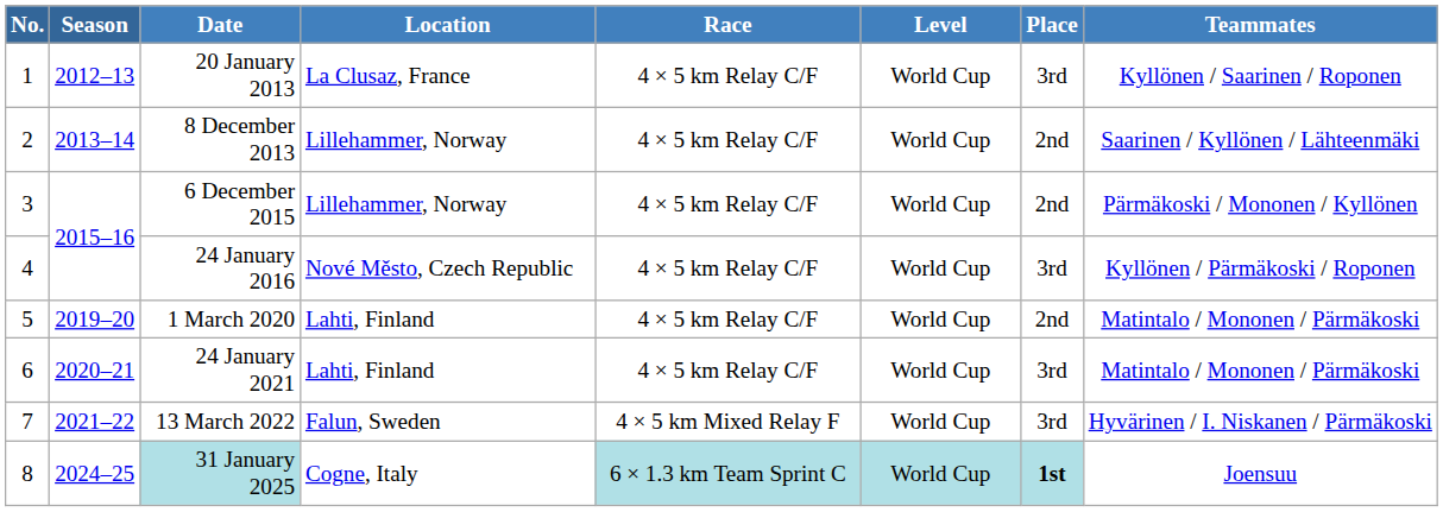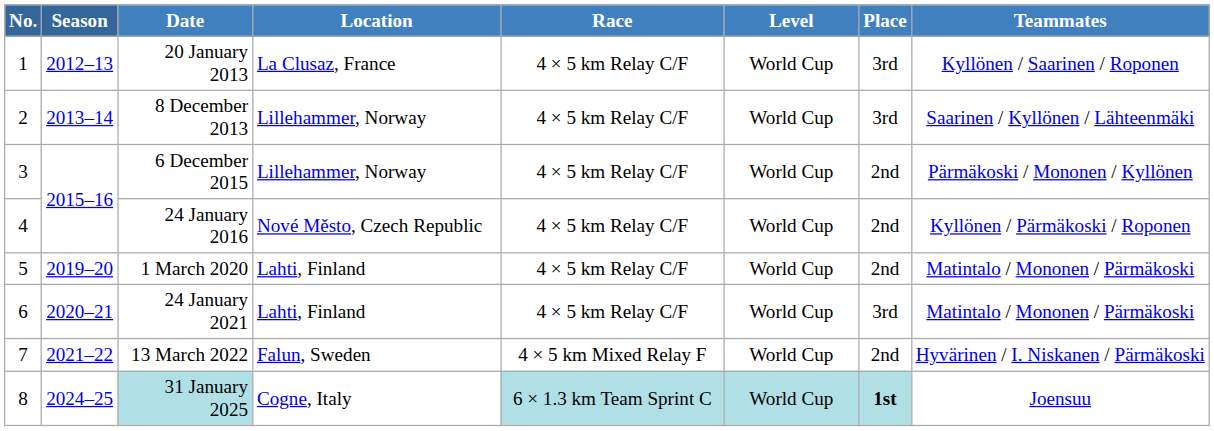 <table class="wikitable sortable" style="font-size:95%; text-align:center; border:grey solid 1px; border-collapse:collapse; background:#ffffff;">
 <tr style="background:#efefef;">
 <th style="background-color:#369; color:white;">No.</th>
 <th style="background-color:#369; color:white;">Season</th>
 <th style="background-color:#4180be; color:white; width:100px;">Date</th>
 <th style="background-color:#4180be; color:white; width:190px;">Location</th>
 <th style="background-color:#4180be; color:white; width:170px;">Race</th>
 <th style="background-color:#4180be; color:white; width:100px;">Level</th>
 <th style="background-color:#4180be; color:white;">Place</th>
 <th style="background-color:#4180be; color:white;">Teammates</th>
 </tr>
 <tr>
 <td align=center>1</td>
 <td rowspan=1 align=center><a href='#'>2012–13</a></td>
 <td align=right>20 January 2013</td>
 <td align=left> <a href='#'>La Clusaz</a>, France</td>
 <td>4 × 5 km Relay C/F</td>
 <td>World Cup</td>
 <td>3rd</td>
 <td><a href='#'>Kyllönen</a> / <a href='#'>Saarinen</a> / <a href='#'>Roponen</a></td>
 </tr>
 <tr>
 <td align=center>2</td>
 <td rowspan=1 align=center><a href='#'>2013–14</a></td>
 <td align=right>8 December 2013</td>
 <td align=left> <a href='#'>Lillehammer</a>, Norway</td>
 <td>4 × 5 km Relay C/F</td>
 <td>World Cup</td>
-<td>2nd</td>
+<td>3rd</td>
 <td><a href='#'>Saarinen</a> / <a href='#'>Kyllönen</a> / <a href='#'>Lähteenmäki</a></td>
 </tr>
 <tr>
 <td align=center>3</td>
 <td rowspan=2 align=center><a href='#'>2015–16</a></td>
 <td align=right>6 December 2015</td>
 <td align=left> <a href='#'>Lillehammer</a>, Norway</td>
 <td>4 × 5 km Relay C/F</td>
 <td>World Cup</td>
 <td>2nd</td>
 <td><a href='#'>Pärmäkoski</a> / <a href='#'>Mononen</a> / <a href='#'>Kyllönen</a></td>
 </tr>
 <tr>
 <td align=center>4</td>
 <td align=right>24 January 2016</td>
 <td align=left> <a href='#'>Nové Město</a>, Czech Republic</td>
 <td>4 × 5 km Relay C/F</td>
 <td>World Cup</td>
-<td>3rd</td>
+<td>2nd</td>
 <td><a href='#'>Kyllönen</a> / <a href='#'>Pärmäkoski</a> / <a href='#'>Roponen</a></td>
 </tr>
 <tr>
 <td align=center>5</td>
 <td rowspan=1 align=center><a href='#'>2019–20</a></td>
 <td align=right>1 March 2020</td>
 <td align=left> <a href='#'>Lahti</a>, Finland</td>
 <td>4 × 5 km Relay C/F</td>
 <td>World Cup</td>
 <td>2nd</td>
 <td><a href='#'>Matintalo</a> / <a href='#'>Mononen</a> / <a href='#'>Pärmäkoski</a></td>
 </tr>
 <tr>
 <td align=center>6</td>
 <td rowspan=1 align=center><a href='#'>2020–21</a></td>
 <td align=right>24 January 2021</td>
 <td align=left> <a href='#'>Lahti</a>, Finland</td>
 <td>4 × 5 km Relay C/F</td>
 <td>World Cup</td>
 <td>3rd</td>
 <td><a href='#'>Matintalo</a> / <a href='#'>Mononen</a> / <a href='#'>Pärmäkoski</a></td>
 </tr>
 <tr>
 <td align=center>7</td>
 <td rowspan=1 align=center><a href='#'>2021–22</a></td>
 <td align=right>13 March 2022</td>
 <td align=left> <a href='#'>Falun</a>, Sweden</td>
 <td>4 × 5 km Mixed Relay F</td>
 <td>World Cup</td>
-<td>3rd</td>
+<td>2nd</td>
 <td><a href='#'>Hyvärinen</a> / <a href='#'>I. Niskanen</a> / <a href='#'>Pärmäkoski</a></td>
 </tr>
 <tr>
 <td align=center>8</td>
 <td rowspan=1 align=center><a href='#'>2024–25</a></td>
 <td bgcolor="#BOEOE6" align=right>31 January 2025</td>
 <td align=left> <a href='#'>Cogne</a>, Italy</td>
 <td bgcolor="#BOEOE6">6 × 1.3 km Team Sprint C</td>
 <td bgcolor="#BOEOE6">World Cup</td>
 <td bgcolor="#BOEOE6"><strong>1st</strong></td>
 <td><a href='#'>Joensuu</a></td>
 </tr>
 </table>
